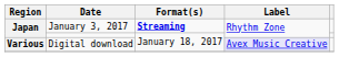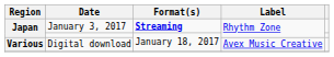 <table class="wikitable plainrowheaders">
 <tr>
 <th scope="col">Region</th>
 <th scope="col">Date</th>
 <th scope="col">Format(s)</th>
 <th scope="col">Label</th>
 <th scope="col"></th>
 </tr>
 <tr>
 <th rowspan="2">Japan</th>
 <td>January 3, 2017</td>
 <td><strong><a href='#'>Streaming</a></strong></td>
 <td rowspan="2"><a href='#'>Rhythm Zone</a></td>
 <td></td>
 </tr>
 <tr>
 <td></td>
 <td rowspan="2">January 18, 2017</td>
 <td></td>
 </tr>
 <tr>
 <th scope="row">Various</th>
 <td>Digital download</td>
-<td style="background: lavender;"><a href='#'>Avex Music Creative</a></td>
+<td><a href='#'>Avex Music Creative</a></td>
 <td></td>
 </tr>
 <tr>
 </tr>
 </table>
